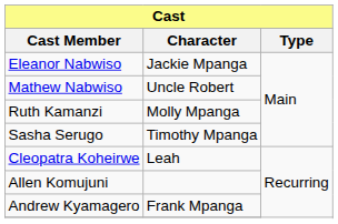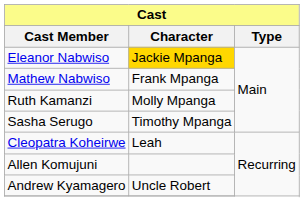 <table class="wikitable" width="">
 <tr>
 <th colspan="6" style="background: #FBFC8A;">Cast</th>
 </tr>
 <tr style="background:#ccc; text-align:center;">
 <th>Cast Member</th>
 <th>Character</th>
 <th>Type</th>
 </tr>
 <tr>
 <td><a href='#'>Eleanor Nabwiso</a></td>
-<td>Jackie Mpanga</td>
+<td style="background: gold;">Jackie Mpanga</td>
 <td rowspan="4">Main</td>
 </tr>
 <tr>
 <td><a href='#'>Mathew Nabwiso</a></td>
-<td>Uncle Robert</td>
+<td>Frank Mpanga</td>
 </tr>
 <tr>
 <td>Ruth Kamanzi</td>
 <td>Molly Mpanga</td>
 </tr>
 <tr>
 <td>Sasha Serugo</td>
 <td>Timothy Mpanga</td>
 </tr>
 <tr>
 <td><a href='#'>Cleopatra Koheirwe</a></td>
 <td>Leah</td>
 <td rowspan="5">Recurring</td>
 </tr>
 <tr>
 <td>Allen Komujuni</td>
 <td></td>
 </tr>
 <tr>
 <td>Andrew Kyamagero</td>
-<td>Frank Mpanga</td>
+<td>Uncle Robert</td>
 </tr>
 <tr>
 </tr>
 </table>
